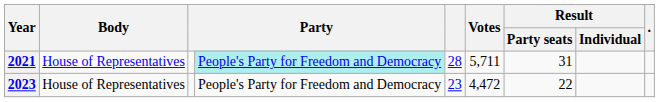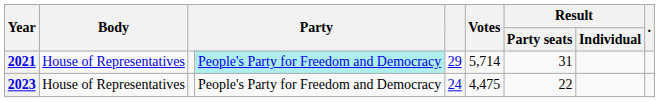 <table class="wikitable plainrowheaders sortable" border=2 cellpadding=4 cellspacing=0 style="border: 1px #aaa solid; font-size: 90%; text-align:center;">
 <tr>
 <th scope="col" rowspan=2>Year</th>
 <th scope="col" rowspan=2>Body</th>
 <th scope="col" colspan=2 rowspan=2>Party</th>
 <th scope="col" rowspan=2></th>
 <th scope="col" rowspan=2>Votes</th>
 <th scope="colgroup" colspan=2>Result</th>
 <th scope="col" rowspan=2 class="unsortable">.</th>
 </tr>
 <tr>
 <th scope="col">Party seats</th>
 <th scope="col">Individual</th>
 </tr>
 <tr>
 <th scope="row"><a href='#'>2021</a></th>
 <td><a href='#'>House of Representatives</a></td>
 <td style="background-color:"></td>
 <td style="background: paleturquoise;"><a href='#'>People's Party for Freedom and Democracy</a></td>
-<td style=text-align:right><a href='#'>28</a></td>
-<td style=text-align:right>5,711</td>
+<td style=text-align:right><a href='#'>29</a></td>
+<td style=text-align:right>5,714</td>
 <td style=text-align:right>31</td>
 <td></td>
 <td></td>
 </tr>
 <tr>
 <th scope="row"><a href='#'>2023</a></th>
 <td>House of Representatives</td>
 <td style="background-color:"></td>
 <td>People's Party for Freedom and Democracy</td>
-<td style=text-align:right><a href='#'>23</a></td>
-<td style=text-align:right>4,472</td>
+<td style=text-align:right><a href='#'>24</a></td>
+<td style=text-align:right>4,475</td>
 <td style=text-align:right>22</td>
 <td></td>
 <td></td>
 </tr>
 </table>
